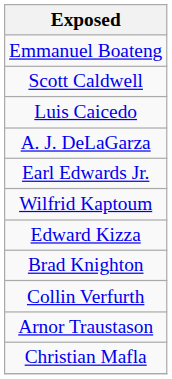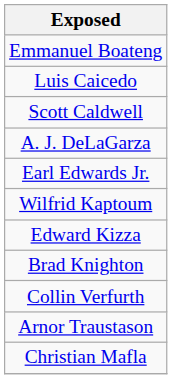 <table class="wikitable" style="text-align:center">
 <tr>
 <th>Exposed</th>
 </tr>
 <tr>
 <td><a href='#'>Emmanuel Boateng</a></td>
 </tr>
 <tr>
-<td><a href='#'>Scott Caldwell</a></td>
+<td><a href='#'>Luis Caicedo</a></td>
 </tr>
 <tr>
-<td><a href='#'>Luis Caicedo</a></td>
+<td><a href='#'>Scott Caldwell</a></td>
 </tr>
 <tr>
 <td><a href='#'>A. J. DeLaGarza</a></td>
 </tr>
 <tr>
 <td><a href='#'>Earl Edwards Jr.</a></td>
 </tr>
 <tr>
 <td><a href='#'>Wilfrid Kaptoum</a></td>
 </tr>
 <tr>
 <td><a href='#'>Edward Kizza</a></td>
 </tr>
 <tr>
 <td><a href='#'>Brad Knighton</a></td>
 </tr>
 <tr>
 <td><a href='#'>Collin Verfurth</a></td>
 </tr>
 <tr>
 <td><a href='#'>Arnor Traustason</a></td>
 </tr>
 <tr>
 <td><a href='#'>Christian Mafla</a></td>
 </tr>
 <tr>
 </tr>
 </table>
